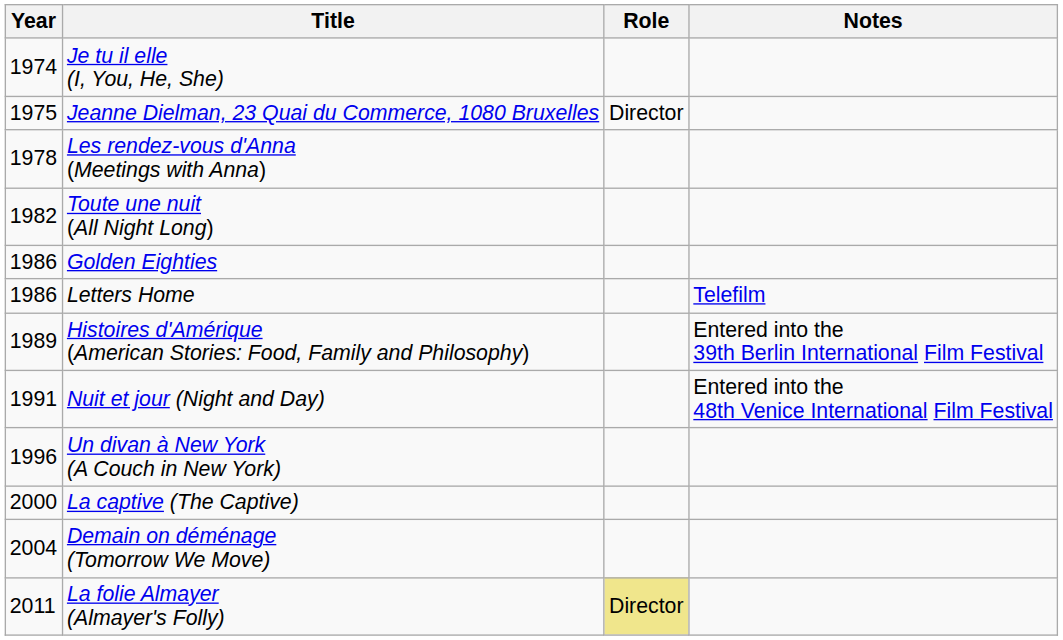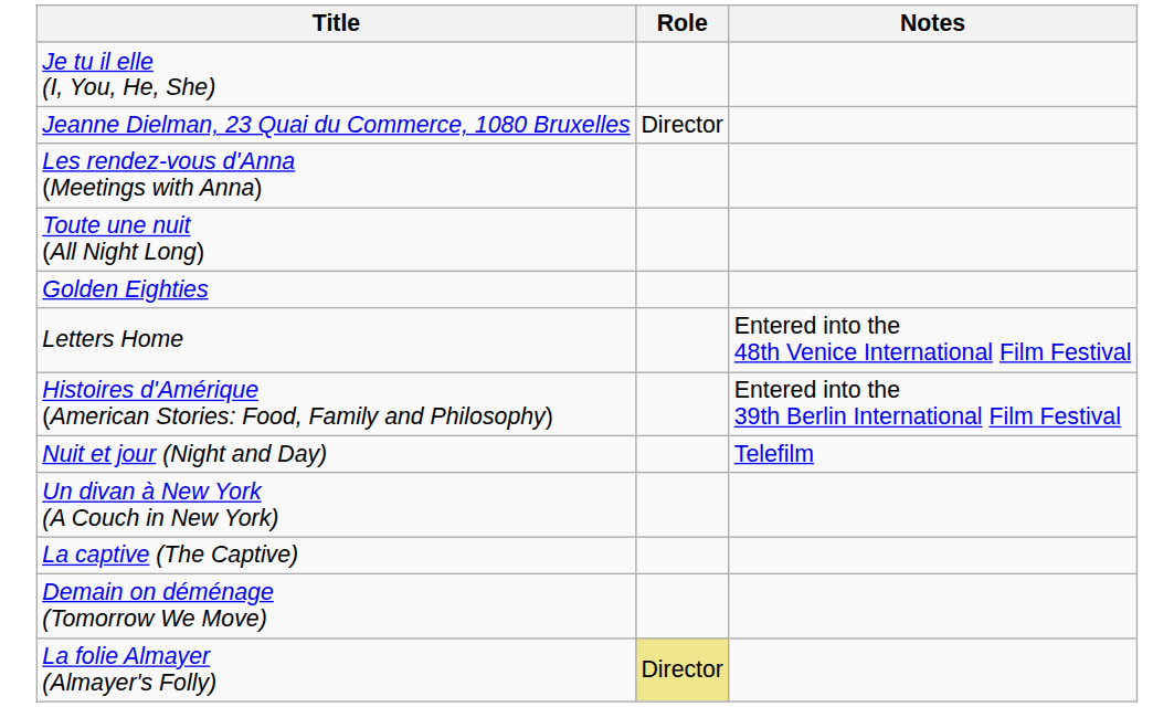 <table class="wikitable" style="margin:auto;">
 <tr>
-<th>Year</th>
 <th>Title</th>
 <th>Role</th>
 <th>Notes</th>
 </tr>
 <tr>
-<td>1974</td>
 <td><em><a href='#'>Je tu il elle</a></em><br><em>(I, You, He, She)</em></td>
 <td></td>
 <td></td>
 </tr>
 <tr>
-<td>1975</td>
 <td><em><a href='#'>Jeanne Dielman, 23 Quai du Commerce, 1080 Bruxelles</a></em></td>
 <td>Director</td>
 <td></td>
 </tr>
 <tr>
-<td>1978</td>
 <td><em><a href='#'>Les rendez-vous d'Anna</a></em><br>(<em>Meetings with Anna</em>)</td>
 <td></td>
 <td></td>
 </tr>
 <tr>
-<td>1982</td>
 <td><em><a href='#'>Toute une nuit</a></em><br>(<em>All Night Long</em>)</td>
 <td></td>
 <td></td>
 </tr>
 <tr>
-<td>1986</td>
 <td><em><a href='#'>Golden Eighties</a></em></td>
 <td></td>
 <td></td>
 </tr>
 <tr>
-<td>1986</td>
 <td><em>Letters Home</em></td>
 <td></td>
-<td><a href='#'>Telefilm</a></td>
+<td>Entered into the<br><a href='#'>48th Venice International</a> <a href='#'>Film Festival</a></td>
 </tr>
 <tr>
-<td>1989</td>
 <td><em><a href='#'>Histoires d'Amérique</a></em><br>(<em>American Stories: Food, Family and Philosophy</em>)</td>
 <td></td>
 <td>Entered into the<br><a href='#'>39th Berlin International</a> <a href='#'>Film Festival</a></td>
 </tr>
 <tr>
-<td>1991</td>
 <td><em><a href='#'>Nuit et jour</a> (Night and Day)</em></td>
 <td></td>
-<td>Entered into the<br><a href='#'>48th Venice International</a> <a href='#'>Film Festival</a></td>
+<td><a href='#'>Telefilm</a></td>
 </tr>
 <tr>
-<td>1996</td>
 <td><em><a href='#'>Un divan à New York</a></em><br><em>(A Couch in New York)</em></td>
 <td></td>
 <td></td>
 </tr>
 <tr>
-<td>2000</td>
 <td><em><a href='#'>La captive</a> (The Captive)</em></td>
 <td></td>
 <td></td>
 </tr>
 <tr>
-<td>2004</td>
 <td><em><a href='#'>Demain on déménage</a></em><br><em>(Tomorrow We Move)</em></td>
 <td></td>
 <td></td>
 </tr>
 <tr>
-<td>2011</td>
 <td><em><a href='#'>La folie Almayer</a></em><br><em>(Almayer's Folly)</em></td>
 <td style="background: khaki;">Director</td>
 <td></td>
 </tr>
 </table>
